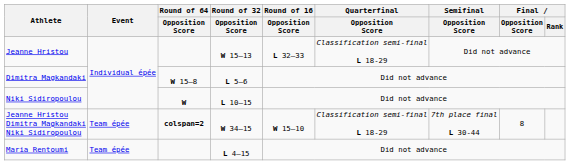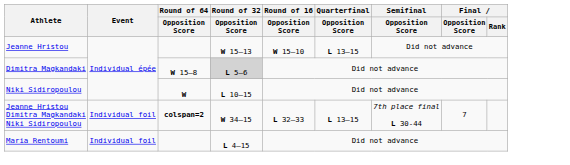 <table class="wikitable" style="font-size:90%">
 <tr>
 <th rowspan="2">Athlete</th>
 <th rowspan="2">Event</th>
 <th>Round of 64</th>
 <th>Round of 32</th>
 <th>Round of 16</th>
 <th>Quarterfinal</th>
 <th>Semifinal</th>
 <th colspan=2>Final / </th>
 </tr>
 <tr style="font-size:95%">
 <th>Opposition <br> Score</th>
 <th>Opposition <br> Score</th>
 <th>Opposition <br> Score</th>
 <th>Opposition <br> Score</th>
 <th>Opposition <br> Score</th>
 <th>Opposition <br> Score</th>
 <th>Rank</th>
 </tr>
 <tr align=center>
 <td align=left><a href='#'>Jeanne Hristou</a></td>
 <td align=left rowspan=3><a href='#'>Individual épée</a></td>
 <td></td>
 <td><br><strong>W</strong> 15–13</td>
-<td><br><strong>L</strong> 32–33</td>
-<td><em>Classification semi-final</em><br><br><strong>L</strong> 18-29</td>
+<td><br><strong>W</strong> 15–10</td>
+<td><br><strong>L</strong> 13–15</td>
 <td colspan=3>Did not advance</td>
 </tr>
 <tr align=center>
 <td align=left><a href='#'>Dimitra Magkandaki</a></td>
 <td><br><strong>W</strong> 15–8</td>
-<td><br><strong>L</strong> 5–6</td>
+<td style="background: lightgrey;"><br><strong>L</strong> 5–6</td>
 <td colspan=5>Did not advance</td>
 </tr>
 <tr align=center>
 <td align=left><a href='#'>Niki Sidiropoulou</a></td>
 <td><br><strong>W</strong> </td>
 <td><br><strong>L</strong> 10–15</td>
 <td colspan=5>Did not advance</td>
 </tr>
 <tr align=center>
 <td align=left><a href='#'>Jeanne Hristou</a><br><a href='#'>Dimitra Magkandaki</a><br><a href='#'>Niki Sidiropoulou</a></td>
-<td align=left><a href='#'>Team épée</a></td>
+<td align=left><a href='#'>Individual foil</a></td>
 <td><strong>colspan=2 </strong></td>
 <td><br><strong>W</strong> 34–15</td>
-<td><br><strong>W</strong> 15–10</td>
-<td><em>Classification semi-final</em><br><br><strong>L</strong> 18-29</td>
+<td><br><strong>L</strong> 32–33</td>
+<td><br><strong>L</strong> 13–15</td>
 <td><em>7th place final</em><br><br><strong>L</strong> 30-44</td>
-<td>8</td>
+<td>7</td>
 </tr>
 <tr align=center>
 <td align=left><a href='#'>Maria Rentoumi</a></td>
-<td align=left><a href='#'>Team épée</a></td>
+<td align=left><a href='#'>Individual foil</a></td>
 <td></td>
 <td><br><strong>L</strong> 4–15</td>
 <td colspan=5>Did not advance</td>
 </tr>
 </table>
